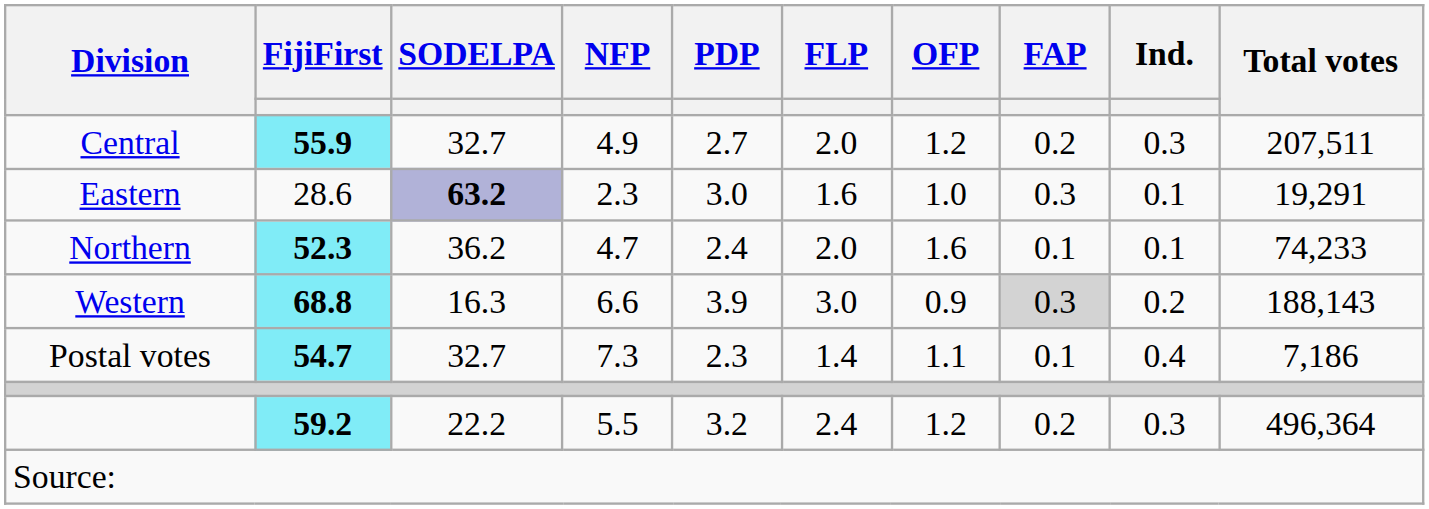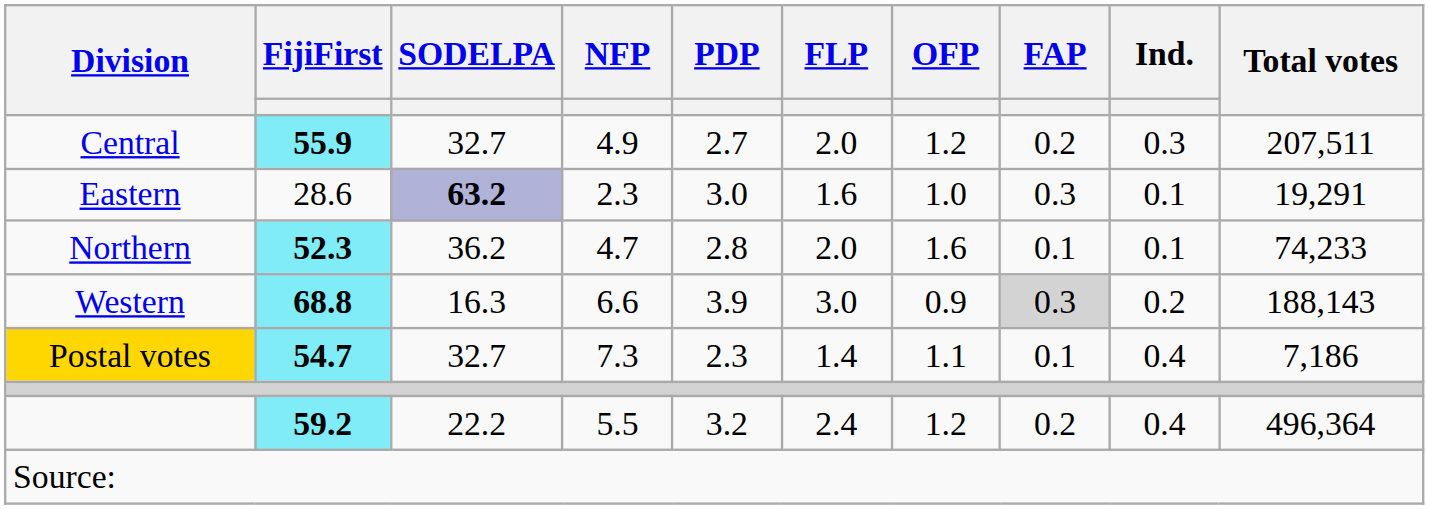 <table class="wikitable" style="text-align:center;font-size:90%;line-height:16px">
 <tr style="height:40px;">
 <th style="width:100px;" rowspan="2"><a href='#'>Division</a></th>
 <th style="width:40px;"><a href='#'>FijiFirst</a></th>
 <th style="width:40px;"><a href='#'>SODELPA</a></th>
 <th style="width:40px;"><a href='#'>NFP</a></th>
 <th style="width:40px;"><a href='#'>PDP</a></th>
 <th style="width:40px;"><a href='#'>FLP</a></th>
 <th style="width:40px;"><a href='#'>OFP</a></th>
 <th style="width:40px;"><a href='#'>FAP</a></th>
 <th style="width:40px;">Ind.</th>
 <th style="width:80px;" rowspan="2">Total votes</th>
 </tr>
 <tr>
 <th style="background:"></th>
 <th style="background:"></th>
 <th style="background:"></th>
 <th style="background:"></th>
 <th style="background:"></th>
 <th style="background:"></th>
 <th style="background:"></th>
 <th style="background:"></th>
 </tr>
 <tr>
 <td><a href='#'>Central</a></td>
 <td bgcolor=#80ECF7><strong>55.9</strong></td>
 <td>32.7</td>
 <td>4.9</td>
 <td>2.7</td>
 <td>2.0</td>
 <td>1.2</td>
 <td>0.2</td>
 <td>0.3</td>
 <td>207,511</td>
 </tr>
 <tr>
 <td><a href='#'>Eastern</a></td>
 <td>28.6</td>
 <td bgcolor=#B1B2D8><strong>63.2</strong></td>
 <td>2.3</td>
 <td>3.0</td>
 <td>1.6</td>
 <td>1.0</td>
 <td>0.3</td>
 <td>0.1</td>
 <td>19,291</td>
 </tr>
 <tr>
 <td><a href='#'>Northern</a></td>
 <td bgcolor=#80ECF7><strong>52.3</strong></td>
 <td>36.2</td>
 <td>4.7</td>
-<td>2.4</td>
+<td>2.8</td>
 <td>2.0</td>
 <td>1.6</td>
 <td>0.1</td>
 <td>0.1</td>
 <td>74,233</td>
 </tr>
 <tr>
 <td><a href='#'>Western</a></td>
 <td bgcolor=#80ECF7><strong>68.8</strong></td>
 <td>16.3</td>
 <td>6.6</td>
 <td>3.9</td>
 <td>3.0</td>
 <td>0.9</td>
 <td style="background: lightgrey;">0.3</td>
 <td>0.2</td>
 <td>188,143</td>
 </tr>
 <tr>
-<td>Postal votes</td>
+<td style="background: gold;">Postal votes</td>
 <td bgcolor=#80ECF7><strong>54.7</strong></td>
 <td>32.7</td>
 <td>7.3</td>
 <td>2.3</td>
 <td>1.4</td>
 <td>1.1</td>
 <td>0.1</td>
 <td>0.4</td>
 <td>7,186</td>
 </tr>
 <tr>
 <td colspan=10 bgcolor=lightgrey></td>
 </tr>
 <tr>
 <td></td>
 <td bgcolor=#80ECF7><strong>59.2</strong></td>
 <td>22.2</td>
 <td>5.5</td>
 <td>3.2</td>
 <td>2.4</td>
 <td>1.2</td>
 <td>0.2</td>
-<td>0.3</td>
+<td>0.4</td>
 <td>496,364</td>
 </tr>
 <tr class=sortbottom>
 <td colspan=10 align=left>Source: </td>
 </tr>
 </table>
